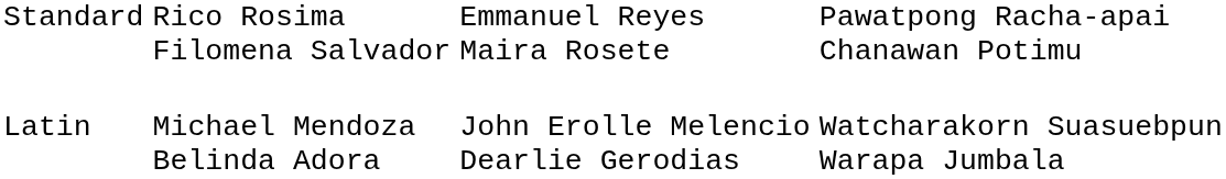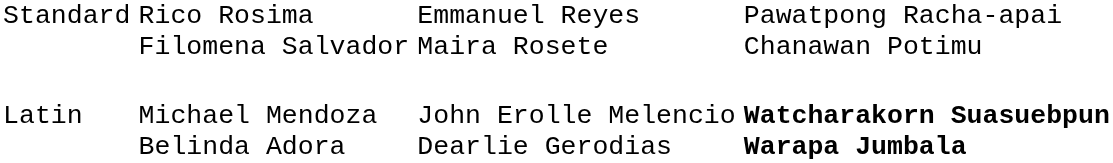 <table>
 <tr>
 <td>Standard</td>
 <td nowrap> <br> Rico Rosima <br> Filomena Salvador</td>
 <td> <br> Emmanuel Reyes <br> Maira Rosete</td>
 <td> <br> Pawatpong Racha-apai <br> Chanawan Potimu</td>
 </tr>
 <tr>
 <td>Latin</td>
 <td> <br> Michael Mendoza <br> Belinda Adora</td>
 <td nowrap> <br> John Erolle Melencio <br> Dearlie Gerodias</td>
-<td nowrap> <br> Watcharakorn Suasuebpun <br> Warapa Jumbala</td>
+<td nowrap><strong> <br> Watcharakorn Suasuebpun <br> Warapa Jumbala</strong></td>
 </tr>
 </table>
